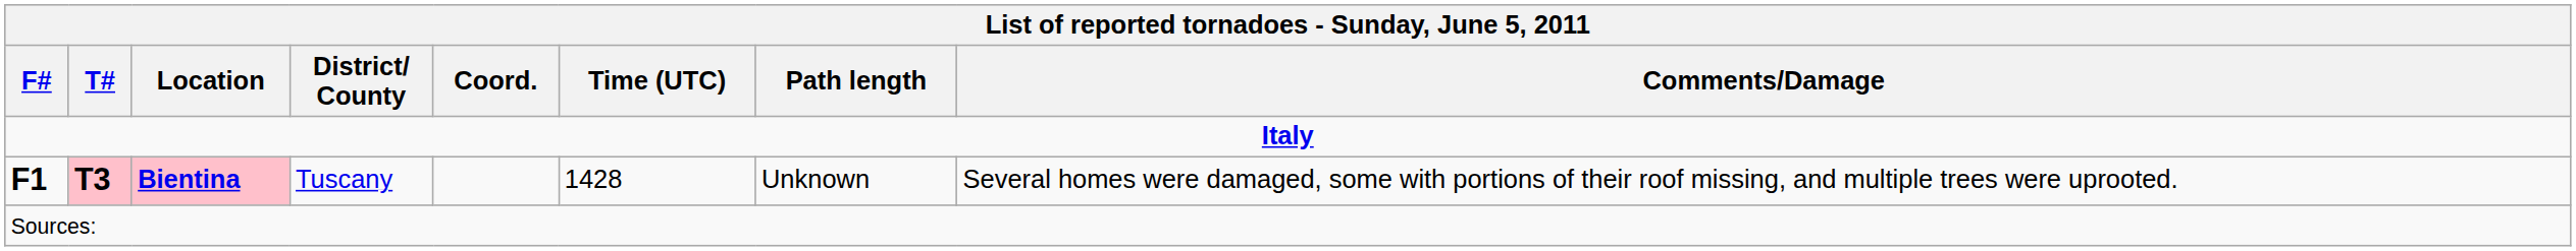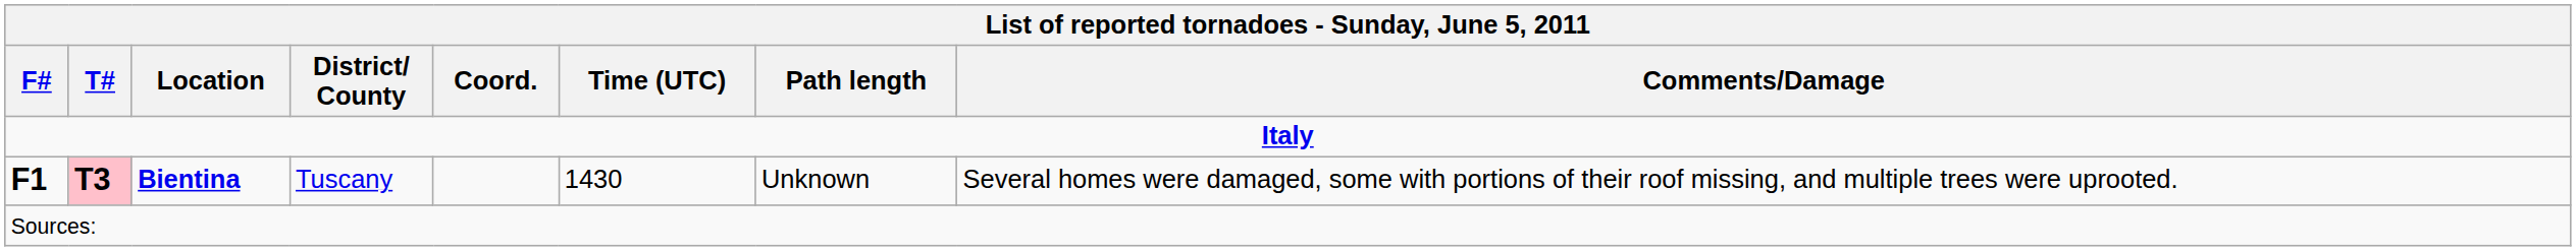 <table class="wikitable collapsible" width="100%">
 <tr>
 <th colspan="8">List of reported tornadoes - Sunday, June 5, 2011</th>
 </tr>
 <tr>
 <th><a href='#'>F#</a></th>
 <th><a href='#'>T#</a></th>
 <th>Location</th>
 <th>District/<br>County</th>
 <th>Coord.</th>
 <th>Time (UTC)</th>
 <th>Path length</th>
 <th>Comments/Damage</th>
 </tr>
 <tr>
 <td colspan="8" align=center><strong><a href='#'>Italy</a></strong></td>
 </tr>
 <tr>
 <td><big><strong>F1</strong></big></td>
 <td style="background: pink;"><big><strong>T3</strong></big></td>
-<td style="background: pink;"><strong><a href='#'>Bientina</a></strong></td>
+<td><strong><a href='#'>Bientina</a></strong></td>
 <td><a href='#'>Tuscany</a></td>
 <td></td>
-<td>1428</td>
+<td>1430</td>
 <td>Unknown</td>
 <td>Several homes were damaged, some with portions of their roof missing, and multiple trees were uprooted.</td>
 </tr>
 <tr>
 <td colspan="8"><small>Sources:  </small></td>
 </tr>
 </table>
